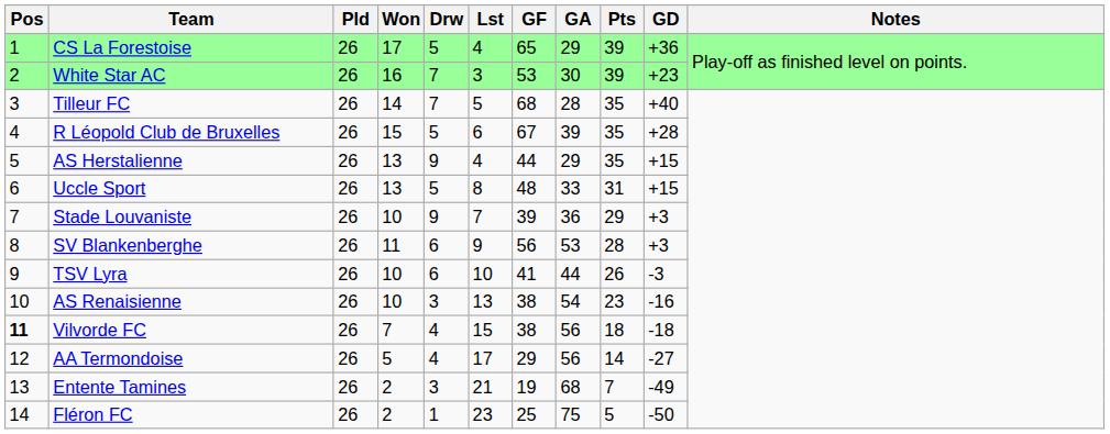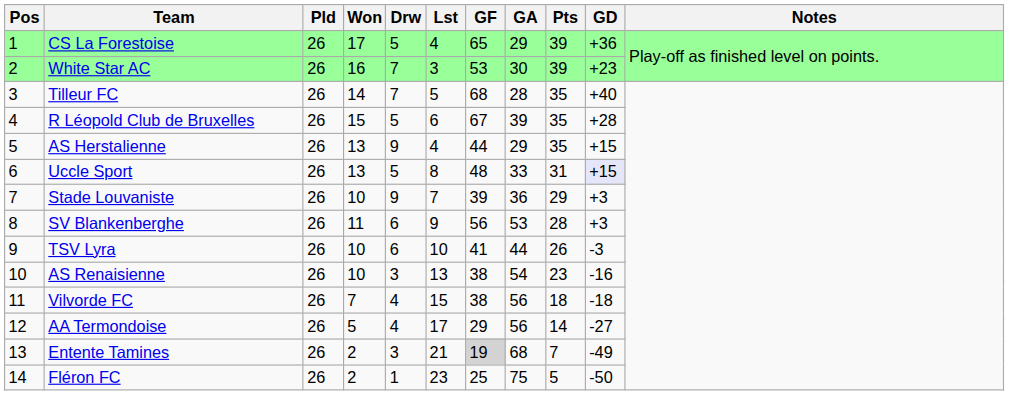 <table class="wikitable" width=70% style="font-size:90%">
 <tr>
 <th width=4%><strong>Pos</strong></th>
 <th width=26%><strong>Team</strong></th>
 <th width=4%><strong>Pld</strong></th>
 <th width=4%><strong>Won</strong></th>
 <th width=4%><strong>Drw</strong></th>
 <th width=4%><strong>Lst</strong></th>
 <th width=4%><strong>GF</strong></th>
 <th width=4%><strong>GA</strong></th>
 <th width=4%><strong>Pts</strong></th>
 <th width=4%><strong>GD</strong></th>
 <th width=38%><strong>Notes</strong></th>
 </tr>
 <tr bgcolor=#99ff99>
 <td>1</td>
 <td><a href='#'>CS La Forestoise</a></td>
 <td>26</td>
 <td>17</td>
 <td>5</td>
 <td>4</td>
 <td>65</td>
 <td>29</td>
 <td>39</td>
 <td>+36</td>
 <td rowspan=2>Play-off as finished level on points.</td>
 </tr>
 <tr bgcolor=#99ff99>
 <td>2</td>
 <td><a href='#'>White Star AC</a></td>
 <td>26</td>
 <td>16</td>
 <td>7</td>
 <td>3</td>
 <td>53</td>
 <td>30</td>
 <td>39</td>
 <td>+23</td>
 </tr>
 <tr>
 <td>3</td>
 <td><a href='#'>Tilleur FC</a></td>
 <td>26</td>
 <td>14</td>
 <td>7</td>
 <td>5</td>
 <td>68</td>
 <td>28</td>
 <td>35</td>
 <td>+40</td>
 </tr>
 <tr>
 <td>4</td>
 <td><a href='#'>R Léopold Club de Bruxelles</a></td>
 <td>26</td>
 <td>15</td>
 <td>5</td>
 <td>6</td>
 <td>67</td>
 <td>39</td>
 <td>35</td>
 <td>+28</td>
 </tr>
 <tr>
 <td>5</td>
 <td><a href='#'>AS Herstalienne</a></td>
 <td>26</td>
 <td>13</td>
 <td>9</td>
 <td>4</td>
 <td>44</td>
 <td>29</td>
 <td>35</td>
 <td>+15</td>
 </tr>
 <tr>
 <td>6</td>
 <td><a href='#'>Uccle Sport</a></td>
 <td>26</td>
 <td>13</td>
 <td>5</td>
 <td>8</td>
 <td>48</td>
 <td>33</td>
 <td>31</td>
-<td>+15</td>
+<td style="background: lavender;">+15</td>
 </tr>
 <tr>
 <td>7</td>
 <td><a href='#'>Stade Louvaniste</a></td>
 <td>26</td>
 <td>10</td>
 <td>9</td>
 <td>7</td>
 <td>39</td>
 <td>36</td>
 <td>29</td>
 <td>+3</td>
 </tr>
 <tr>
 <td>8</td>
 <td><a href='#'>SV Blankenberghe</a></td>
 <td>26</td>
 <td>11</td>
 <td>6</td>
 <td>9</td>
 <td>56</td>
 <td>53</td>
 <td>28</td>
 <td>+3</td>
 </tr>
 <tr>
 <td>9</td>
 <td><a href='#'>TSV Lyra</a></td>
 <td>26</td>
 <td>10</td>
 <td>6</td>
 <td>10</td>
 <td>41</td>
 <td>44</td>
 <td>26</td>
 <td>-3</td>
 </tr>
 <tr>
 <td>10</td>
 <td><a href='#'>AS Renaisienne</a></td>
 <td>26</td>
 <td>10</td>
 <td>3</td>
 <td>13</td>
 <td>38</td>
 <td>54</td>
 <td>23</td>
 <td>-16</td>
 </tr>
 <tr>
-<td><strong>11</strong></td>
+<td>11</td>
 <td><a href='#'>Vilvorde FC</a></td>
 <td>26</td>
 <td>7</td>
 <td>4</td>
 <td>15</td>
 <td>38</td>
 <td>56</td>
 <td>18</td>
 <td>-18</td>
 </tr>
 <tr>
 <td>12</td>
 <td><a href='#'>AA Termondoise</a></td>
 <td>26</td>
 <td>5</td>
 <td>4</td>
 <td>17</td>
 <td>29</td>
 <td>56</td>
 <td>14</td>
 <td>-27</td>
 </tr>
 <tr>
 <td>13</td>
 <td><a href='#'>Entente Tamines</a></td>
 <td>26</td>
 <td>2</td>
 <td>3</td>
 <td>21</td>
-<td>19</td>
+<td style="background: lightgrey;">19</td>
 <td>68</td>
 <td>7</td>
 <td>-49</td>
 </tr>
 <tr>
 <td>14</td>
 <td><a href='#'>Fléron FC</a></td>
 <td>26</td>
 <td>2</td>
 <td>1</td>
 <td>23</td>
 <td>25</td>
 <td>75</td>
 <td>5</td>
 <td>-50</td>
 </tr>
 </table>
